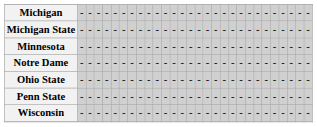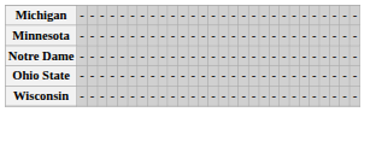 <table class="wikitable sortable" style="text-align: center;">
 <tr>
 </tr>
 <tr bgcolor=d0d0d0>
 <th><strong>Michigan</strong></th>
-<td>-</td>
-<td>-</td>
-<td>-</td>
-<td>-</td>
-<td>-</td>
-<td>-</td>
-<td>-</td>
-<td>-</td>
-<td>-</td>
-<td>-</td>
-<td>-</td>
-<td>-</td>
-<td>-</td>
-<td>-</td>
-<td>-</td>
-<td>-</td>
-<td>-</td>
-<td>-</td>
-<td>-</td>
-<td>-</td>
-<td>-</td>
-<td>-</td>
-<td>-</td>
-<td>-</td>
-<td>-</td>
-<td>-</td>
-<td>-</td>
-<td>-</td>
-</tr>
-<tr bgcolor=d0d0d0>
-<th><strong>Michigan State</strong></th>
 <td>-</td>
 <td>-</td>
 <td>-</td>
 <td>-</td>
 <td>-</td>
 <td>-</td>
 <td>-</td>
 <td>-</td>
 <td>-</td>
 <td>-</td>
 <td>-</td>
 <td>-</td>
 <td>-</td>
 <td>-</td>
 <td>-</td>
 <td>-</td>
 <td>-</td>
 <td>-</td>
 <td>-</td>
 <td>-</td>
 <td>-</td>
 <td>-</td>
 <td>-</td>
 <td>-</td>
 <td>-</td>
 <td>-</td>
 <td>-</td>
 <td>-</td>
 </tr>
 <tr bgcolor=d0d0d0>
 <th><strong>Minnesota</strong></th>
 <td>-</td>
 <td>-</td>
 <td>-</td>
 <td>-</td>
 <td>-</td>
 <td>-</td>
 <td>-</td>
 <td>-</td>
 <td>-</td>
 <td>-</td>
 <td>-</td>
 <td>-</td>
 <td>-</td>
 <td>-</td>
 <td>-</td>
 <td>-</td>
 <td>-</td>
 <td>-</td>
 <td>-</td>
 <td>-</td>
 <td>-</td>
 <td>-</td>
 <td>-</td>
 <td>-</td>
 <td>-</td>
 <td>-</td>
 <td>-</td>
 <td>-</td>
 </tr>
 <tr bgcolor=d0d0d0>
 <th><strong>Notre Dame</strong></th>
 <td>-</td>
 <td>-</td>
 <td>-</td>
 <td>-</td>
 <td>-</td>
 <td>-</td>
 <td>-</td>
 <td>-</td>
 <td>-</td>
 <td>-</td>
 <td>-</td>
 <td>-</td>
 <td>-</td>
 <td>-</td>
 <td>-</td>
 <td>-</td>
 <td>-</td>
 <td>-</td>
 <td>-</td>
 <td>-</td>
 <td>-</td>
 <td>-</td>
 <td>-</td>
 <td>-</td>
 <td>-</td>
 <td>-</td>
 <td>-</td>
 <td>-</td>
 </tr>
 <tr bgcolor=d0d0d0>
 <th><strong>Ohio State</strong></th>
 <td>-</td>
 <td>-</td>
 <td>-</td>
 <td>-</td>
 <td>-</td>
 <td>-</td>
 <td>-</td>
 <td>-</td>
 <td>-</td>
 <td>-</td>
 <td>-</td>
 <td>-</td>
 <td>-</td>
 <td>-</td>
 <td>-</td>
 <td>-</td>
 <td>-</td>
 <td>-</td>
 <td>-</td>
 <td>-</td>
 <td>-</td>
 <td>-</td>
 <td>-</td>
 <td>-</td>
 <td>-</td>
 <td>-</td>
 <td>-</td>
 <td>-</td>
 </tr>
 <tr bgcolor=d0d0d0>
-<th><strong>Penn State</strong></th>
-<td>-</td>
-<td>-</td>
-<td>-</td>
-<td>-</td>
-<td>-</td>
-<td>-</td>
-<td>-</td>
-<td>-</td>
-<td>-</td>
-<td>-</td>
-<td>-</td>
-<td>-</td>
-<td>-</td>
-<td>-</td>
-<td>-</td>
-<td>-</td>
-<td>-</td>
-<td>-</td>
-<td>-</td>
-<td>-</td>
-<td>-</td>
-<td>-</td>
-<td>-</td>
-<td>-</td>
-<td>-</td>
-<td>-</td>
-<td>-</td>
-<td>-</td>
-</tr>
-<tr bgcolor=d0d0d0>
 <th><strong>Wisconsin</strong></th>
 <td>-</td>
 <td>-</td>
 <td>-</td>
 <td>-</td>
 <td>-</td>
 <td>-</td>
 <td>-</td>
 <td>-</td>
 <td>-</td>
 <td>-</td>
 <td>-</td>
 <td>-</td>
 <td>-</td>
 <td>-</td>
 <td>-</td>
 <td>-</td>
 <td>-</td>
 <td>-</td>
 <td>-</td>
 <td>-</td>
 <td>-</td>
 <td>-</td>
 <td>-</td>
 <td>-</td>
 <td>-</td>
 <td>-</td>
 <td>-</td>
 <td>-</td>
 </tr>
 <tr>
 </tr>
 </table>
